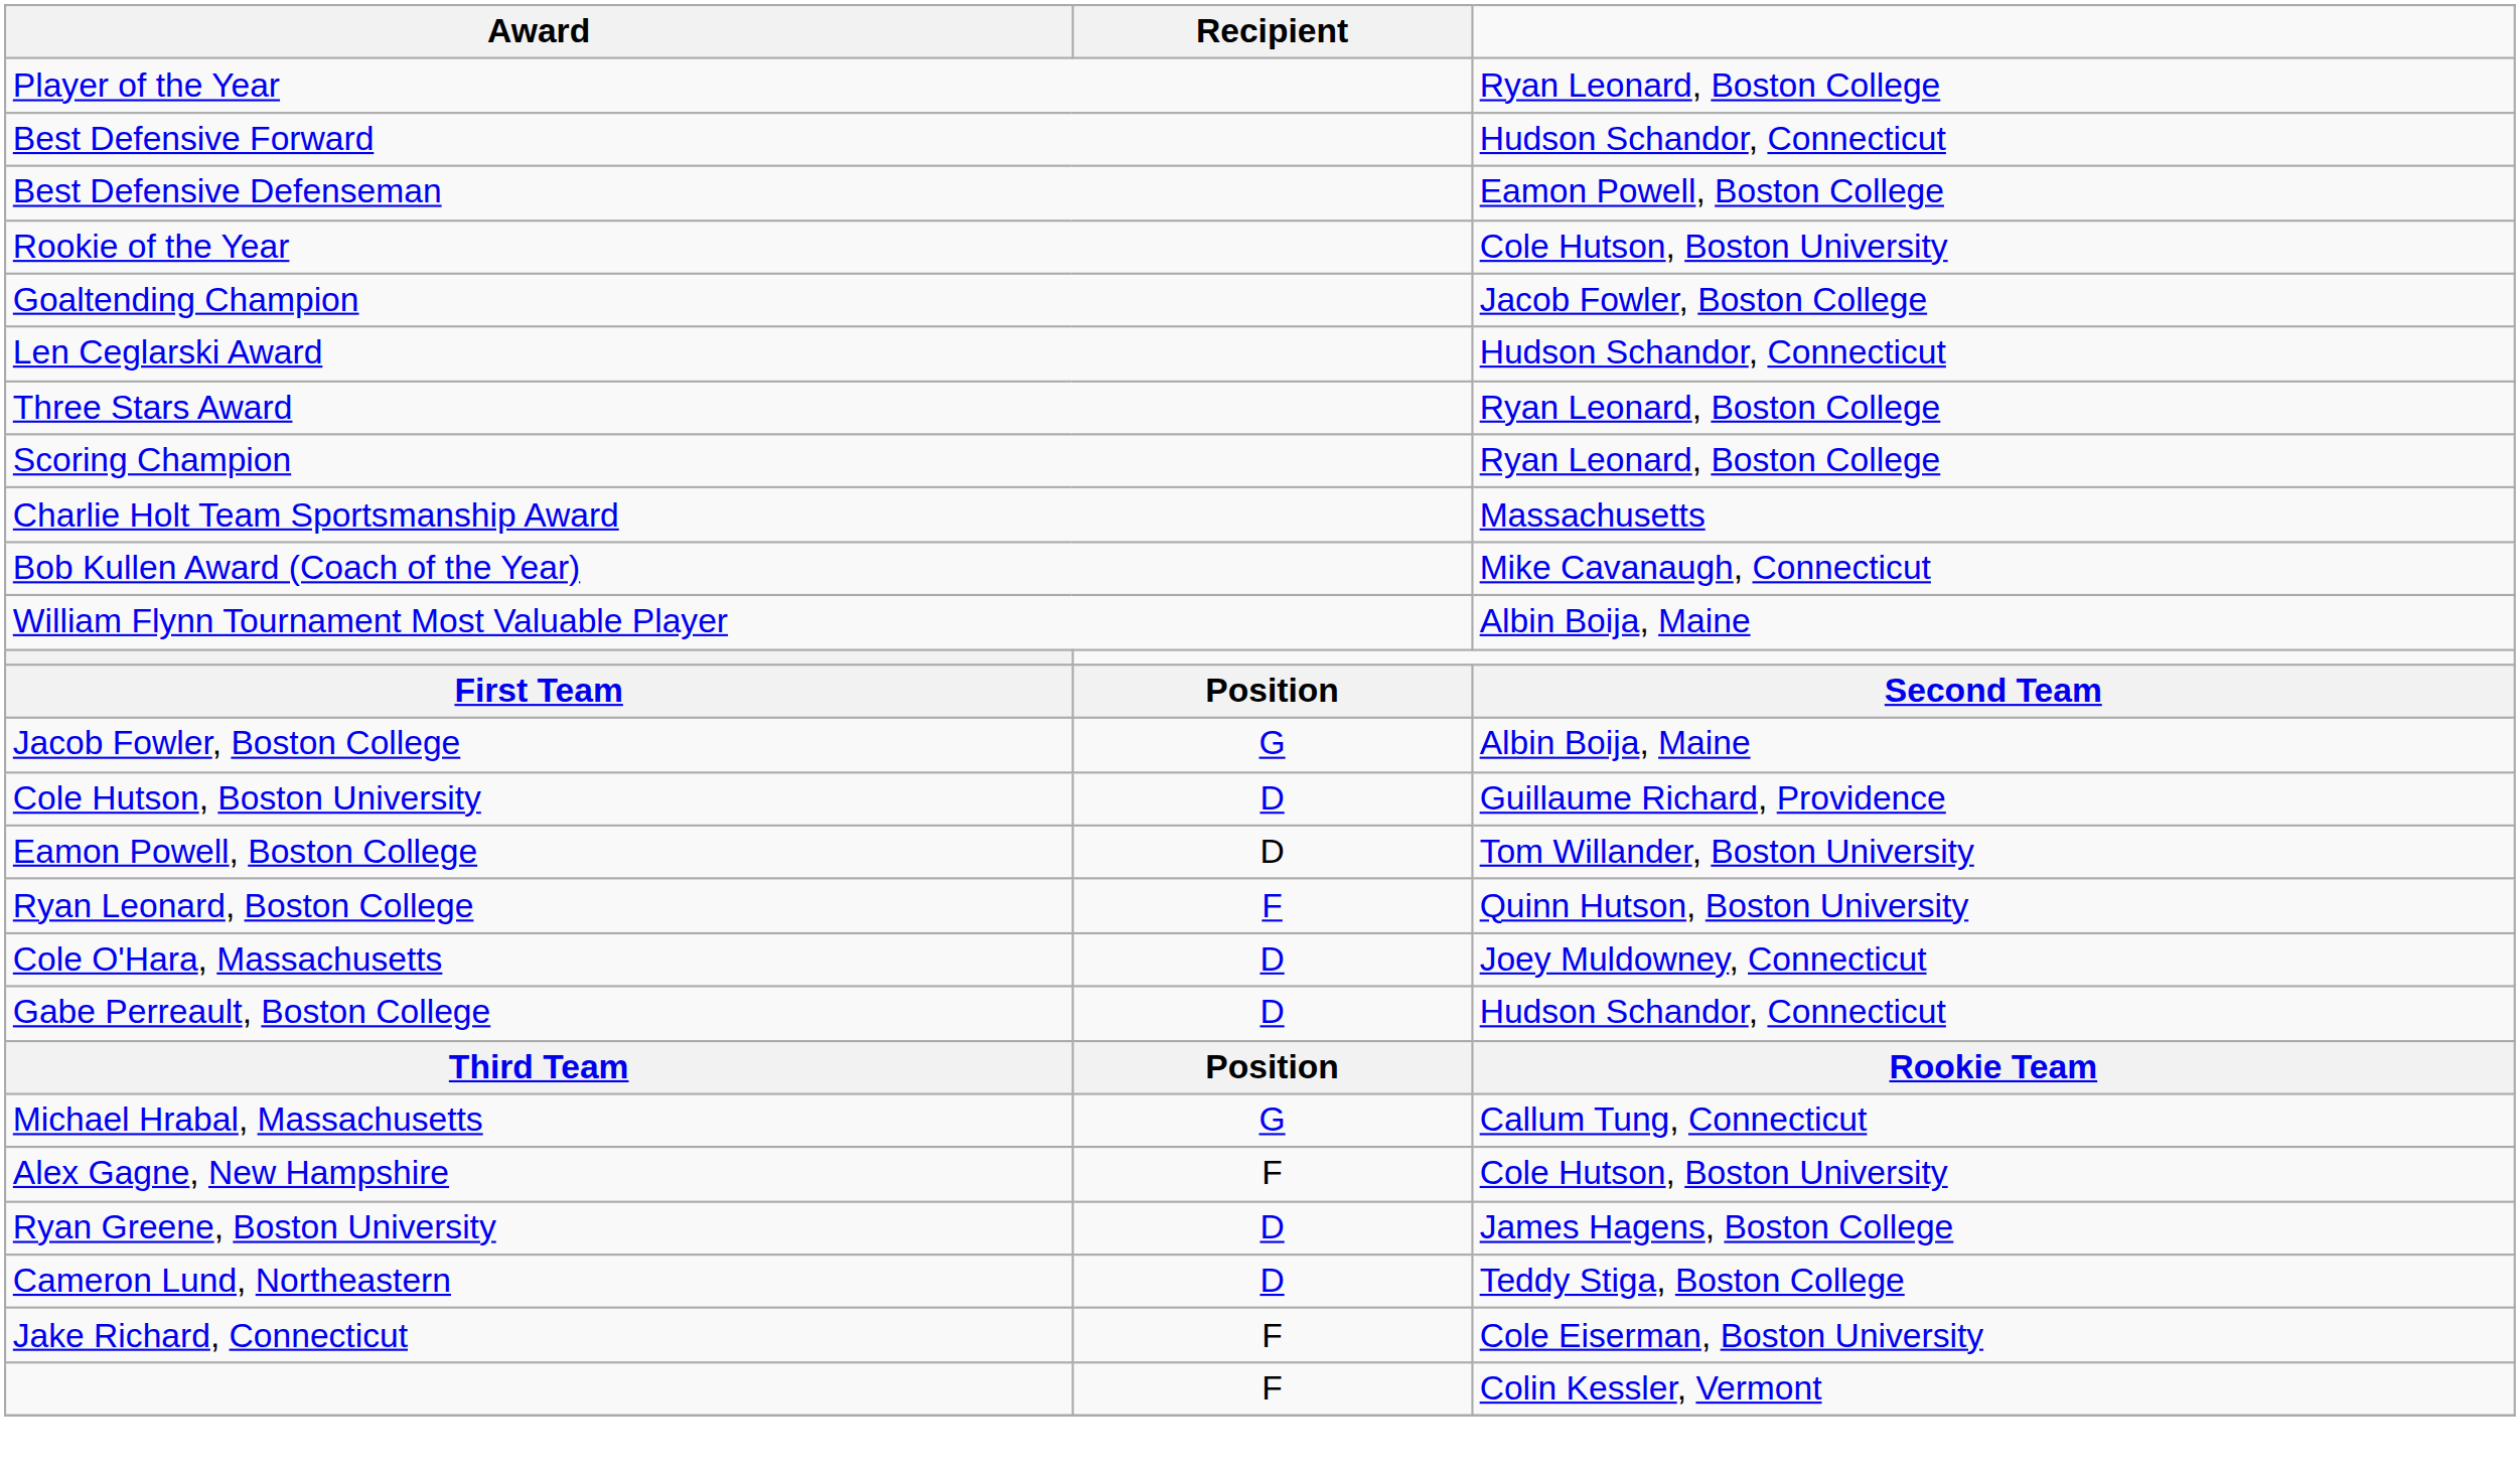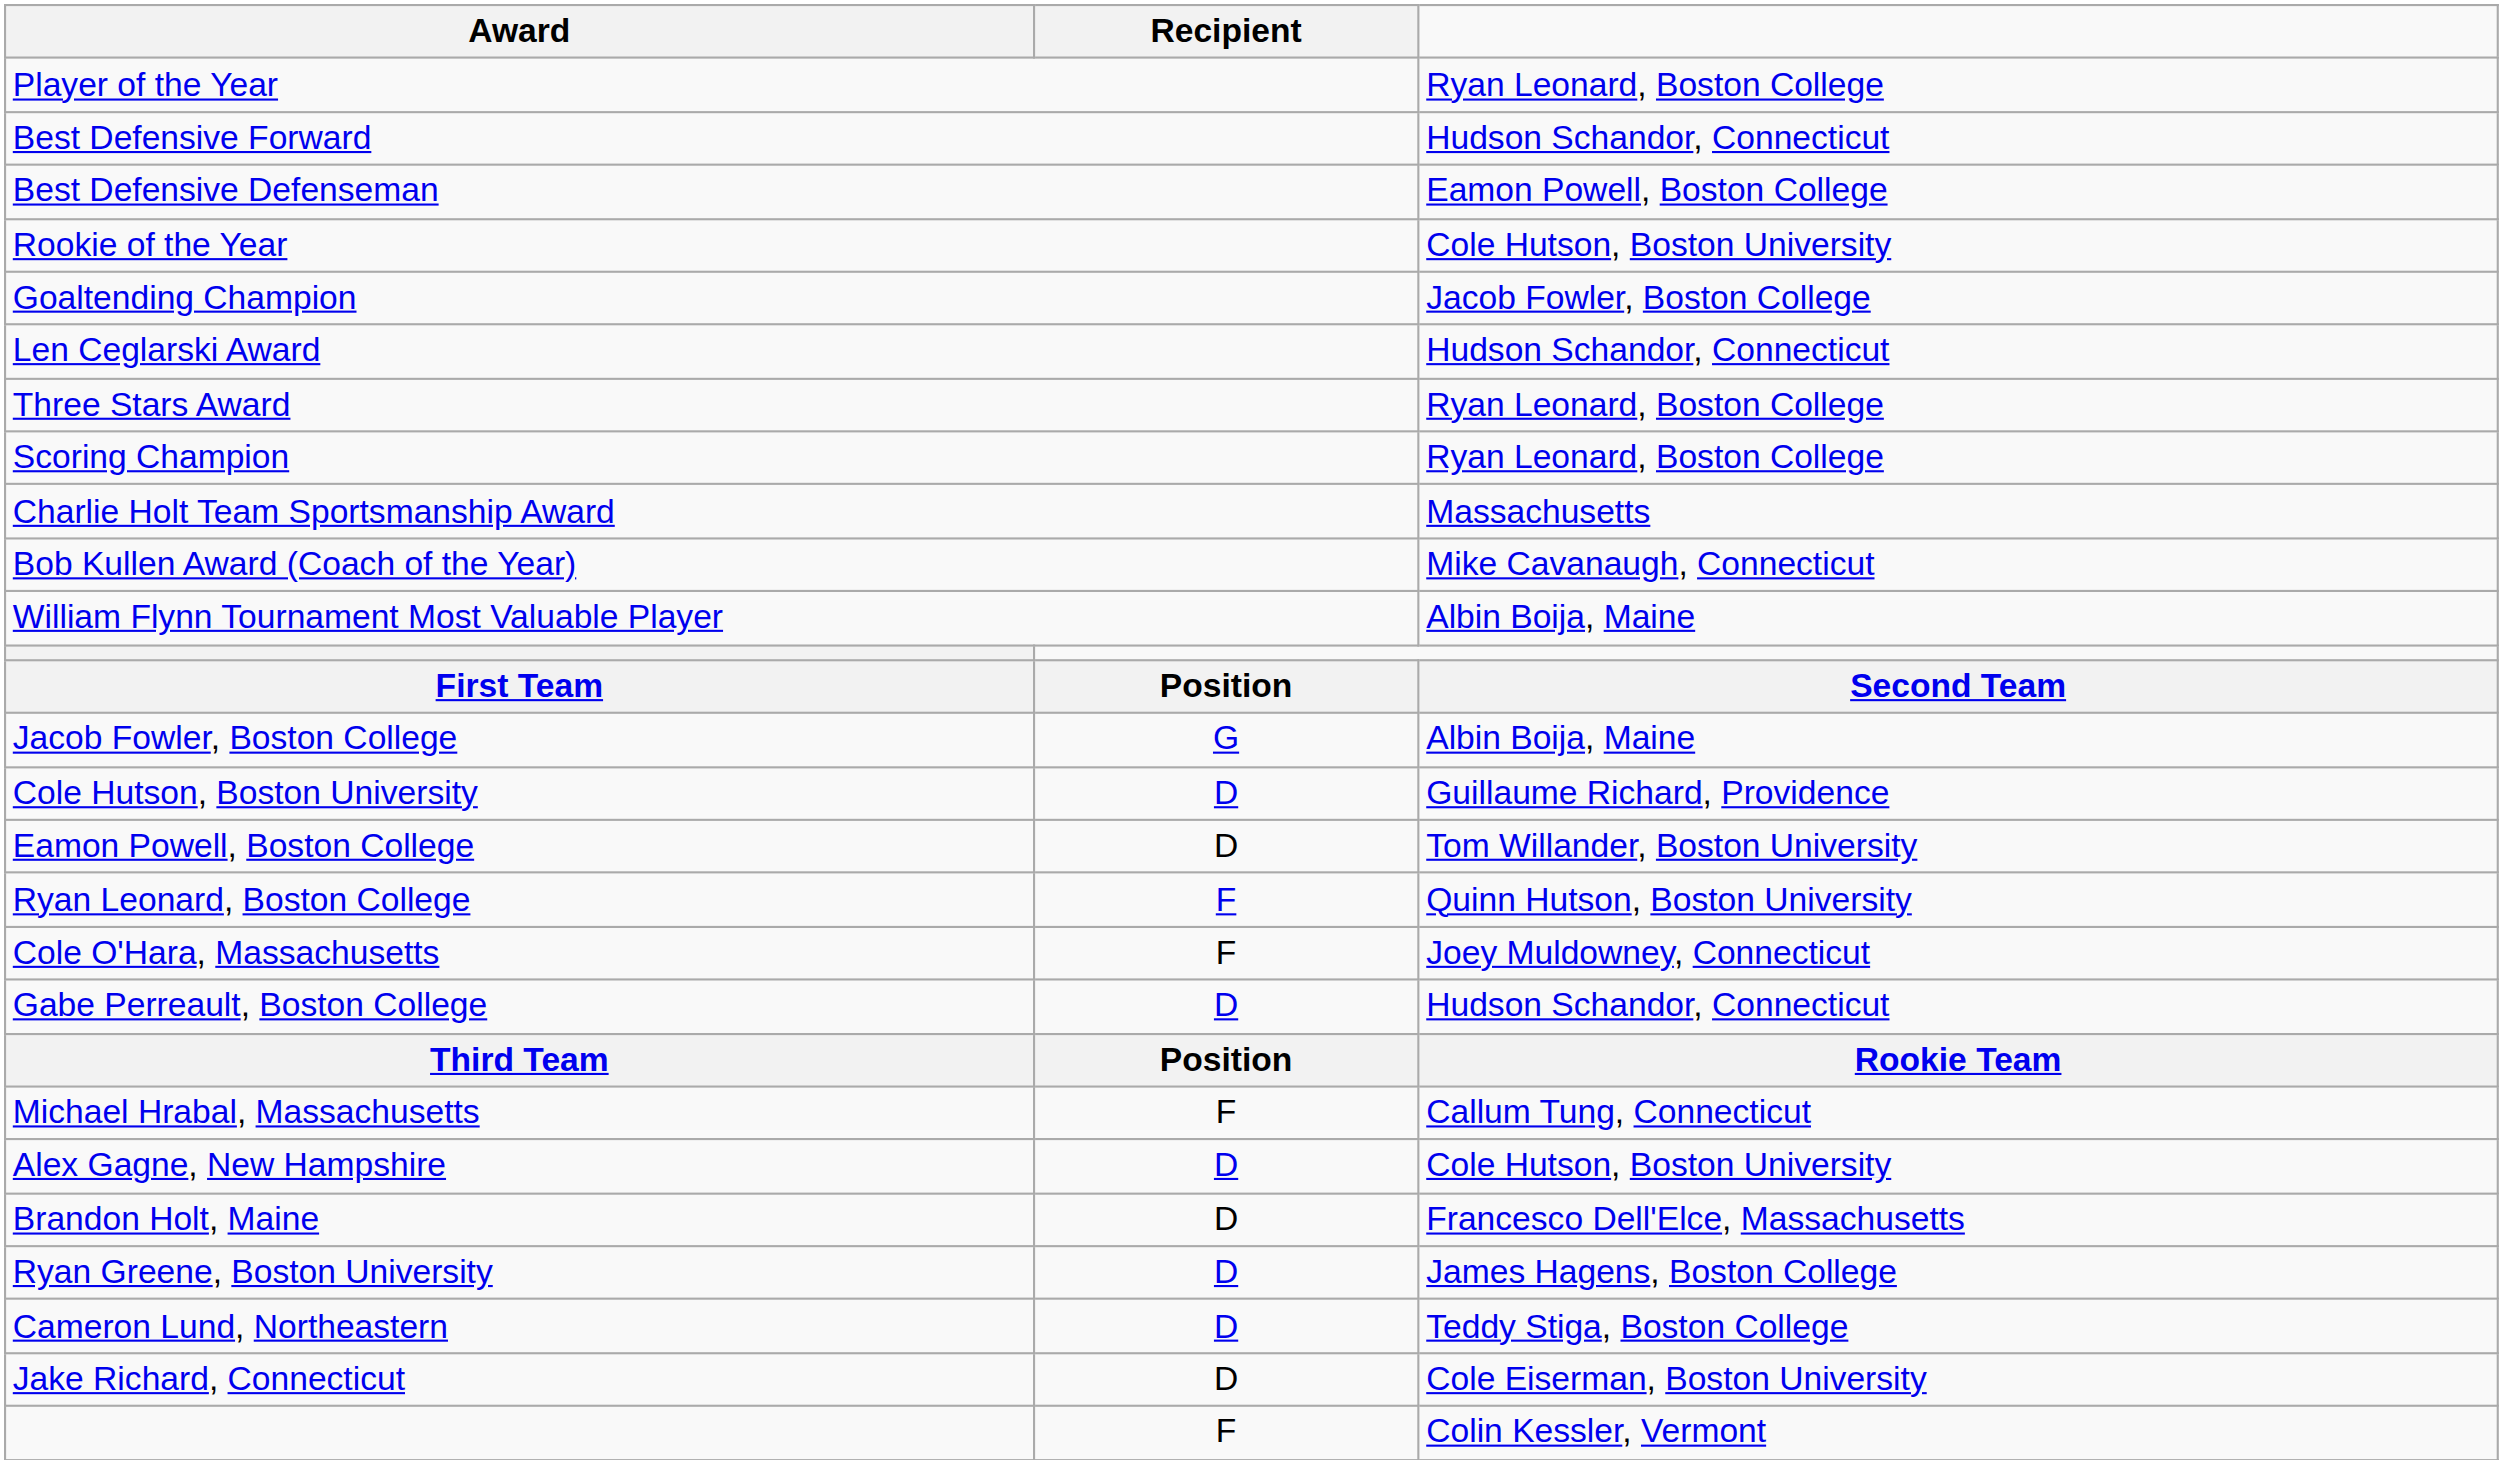 <table class="wikitable" width=75%>
 <tr>
 <th>Award</th>
 <th>Recipient</th>
 </tr>
 <tr>
 <td colspan=2><a href='#'>Player of the Year</a></td>
 <td><a href='#'>Ryan Leonard</a>, <a href='#'>Boston College</a></td>
 </tr>
 <tr>
 <td colspan=2><a href='#'>Best Defensive Forward</a></td>
 <td><a href='#'>Hudson Schandor</a>, <a href='#'>Connecticut</a></td>
 </tr>
 <tr>
 <td colspan=2><a href='#'>Best Defensive Defenseman</a></td>
 <td><a href='#'>Eamon Powell</a>, <a href='#'>Boston College</a></td>
 </tr>
 <tr>
 <td colspan=2><a href='#'>Rookie of the Year</a></td>
 <td><a href='#'>Cole Hutson</a>, <a href='#'>Boston University</a></td>
 </tr>
 <tr>
 <td colspan=2><a href='#'>Goaltending Champion</a></td>
 <td><a href='#'>Jacob Fowler</a>, <a href='#'>Boston College</a></td>
 </tr>
 <tr>
 <td colspan=2><a href='#'>Len Ceglarski Award</a></td>
 <td><a href='#'>Hudson Schandor</a>, <a href='#'>Connecticut</a></td>
 </tr>
 <tr>
 <td colspan=2><a href='#'>Three Stars Award</a></td>
 <td><a href='#'>Ryan Leonard</a>, <a href='#'>Boston College</a></td>
 </tr>
 <tr>
 <td colspan=2><a href='#'>Scoring Champion</a></td>
 <td><a href='#'>Ryan Leonard</a>, <a href='#'>Boston College</a></td>
 </tr>
 <tr>
 <td colspan=2><a href='#'>Charlie Holt Team Sportsmanship Award</a></td>
 <td><a href='#'>Massachusetts</a></td>
 </tr>
 <tr>
 <td colspan=2><a href='#'>Bob Kullen Award (Coach of the Year)</a></td>
 <td><a href='#'>Mike Cavanaugh</a>, <a href='#'>Connecticut</a></td>
 </tr>
 <tr>
 <td colspan=2><a href='#'>William Flynn Tournament Most Valuable Player</a></td>
 <td><a href='#'>Albin Boija</a>, <a href='#'>Maine</a></td>
 </tr>
 <tr>
 <th><a href='#'></a></th>
 </tr>
 <tr>
 <th><a href='#'>First Team</a></th>
 <th>  Position  </th>
 <th><a href='#'>Second Team</a></th>
 </tr>
 <tr>
 <td><a href='#'>Jacob Fowler</a>, <a href='#'>Boston College</a></td>
 <td align=center><a href='#'>G</a></td>
 <td><a href='#'>Albin Boija</a>, <a href='#'>Maine</a></td>
 </tr>
 <tr>
 <td><a href='#'>Cole Hutson</a>, <a href='#'>Boston University</a></td>
 <td align=center><a href='#'>D</a></td>
 <td><a href='#'>Guillaume Richard</a>, <a href='#'>Providence</a></td>
 </tr>
 <tr>
 <td><a href='#'>Eamon Powell</a>, <a href='#'>Boston College</a></td>
 <td align=center>D</td>
 <td><a href='#'>Tom Willander</a>, <a href='#'>Boston University</a></td>
 </tr>
 <tr>
 <td><a href='#'>Ryan Leonard</a>, <a href='#'>Boston College</a></td>
 <td align=center><a href='#'>F</a></td>
 <td><a href='#'>Quinn Hutson</a>, <a href='#'>Boston University</a></td>
 </tr>
 <tr>
 <td><a href='#'>Cole O'Hara</a>, <a href='#'>Massachusetts</a></td>
-<td align=center><a href='#'>D</a></td>
+<td align=center>F</td>
 <td><a href='#'>Joey Muldowney</a>, <a href='#'>Connecticut</a></td>
 </tr>
 <tr>
 <td><a href='#'>Gabe Perreault</a>, <a href='#'>Boston College</a></td>
 <td align=center><a href='#'>D</a></td>
 <td><a href='#'>Hudson Schandor</a>, <a href='#'>Connecticut</a></td>
 </tr>
 <tr>
 <th><a href='#'>Third Team</a></th>
 <th>  Position  </th>
 <th><a href='#'>Rookie Team</a></th>
 </tr>
 <tr>
 <td><a href='#'>Michael Hrabal</a>, <a href='#'>Massachusetts</a></td>
-<td align=center><a href='#'>G</a></td>
+<td align=center>F</td>
 <td><a href='#'>Callum Tung</a>, <a href='#'>Connecticut</a></td>
 </tr>
 <tr>
 <td><a href='#'>Alex Gagne</a>, <a href='#'>New Hampshire</a></td>
-<td align=center>F</td>
+<td align=center><a href='#'>D</a></td>
 <td><a href='#'>Cole Hutson</a>, <a href='#'>Boston University</a></td>
+</tr>
+<tr>
+<td><a href='#'>Brandon Holt</a>, <a href='#'>Maine</a></td>
+<td align=center>D</td>
+<td><a href='#'>Francesco Dell'Elce</a>, <a href='#'>Massachusetts</a></td>
 </tr>
 <tr>
 <td><a href='#'>Ryan Greene</a>, <a href='#'>Boston University</a></td>
 <td align=center><a href='#'>D</a></td>
 <td><a href='#'>James Hagens</a>, <a href='#'>Boston College</a></td>
 </tr>
 <tr>
 <td><a href='#'>Cameron Lund</a>, <a href='#'>Northeastern</a></td>
 <td align=center><a href='#'>D</a></td>
 <td><a href='#'>Teddy Stiga</a>, <a href='#'>Boston College</a></td>
 </tr>
 <tr>
 <td><a href='#'>Jake Richard</a>, <a href='#'>Connecticut</a></td>
-<td align=center>F</td>
+<td align=center>D</td>
 <td><a href='#'>Cole Eiserman</a>, <a href='#'>Boston University</a></td>
 </tr>
 <tr>
 <td></td>
 <td align=center>F</td>
 <td><a href='#'>Colin Kessler</a>, <a href='#'>Vermont</a></td>
 </tr>
 <tr>
 </tr>
 </table>
